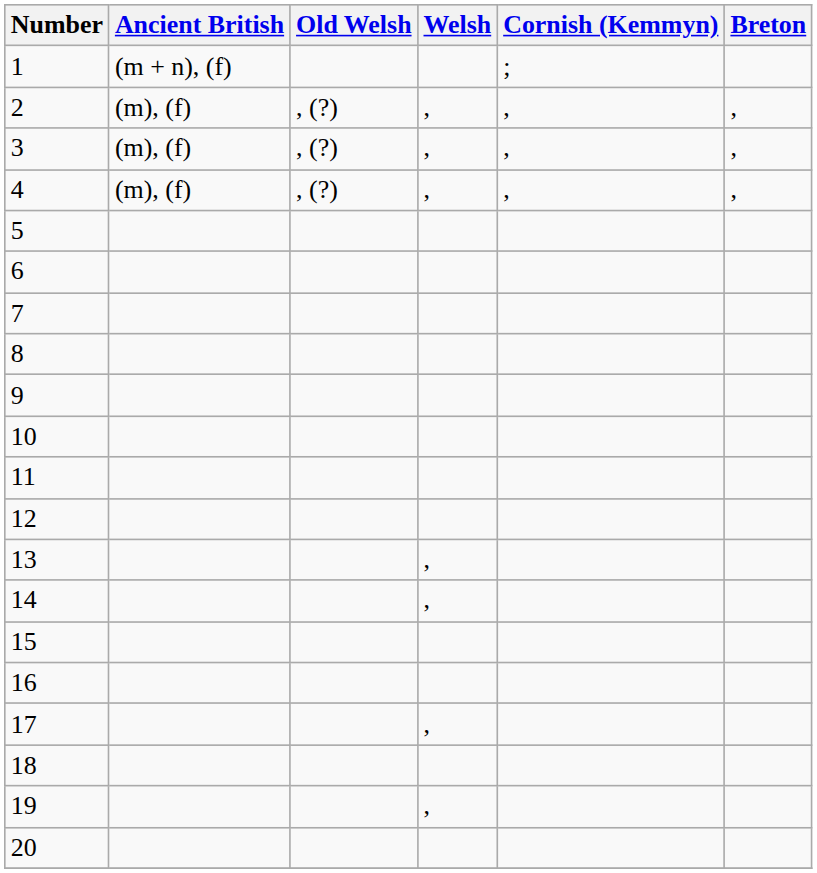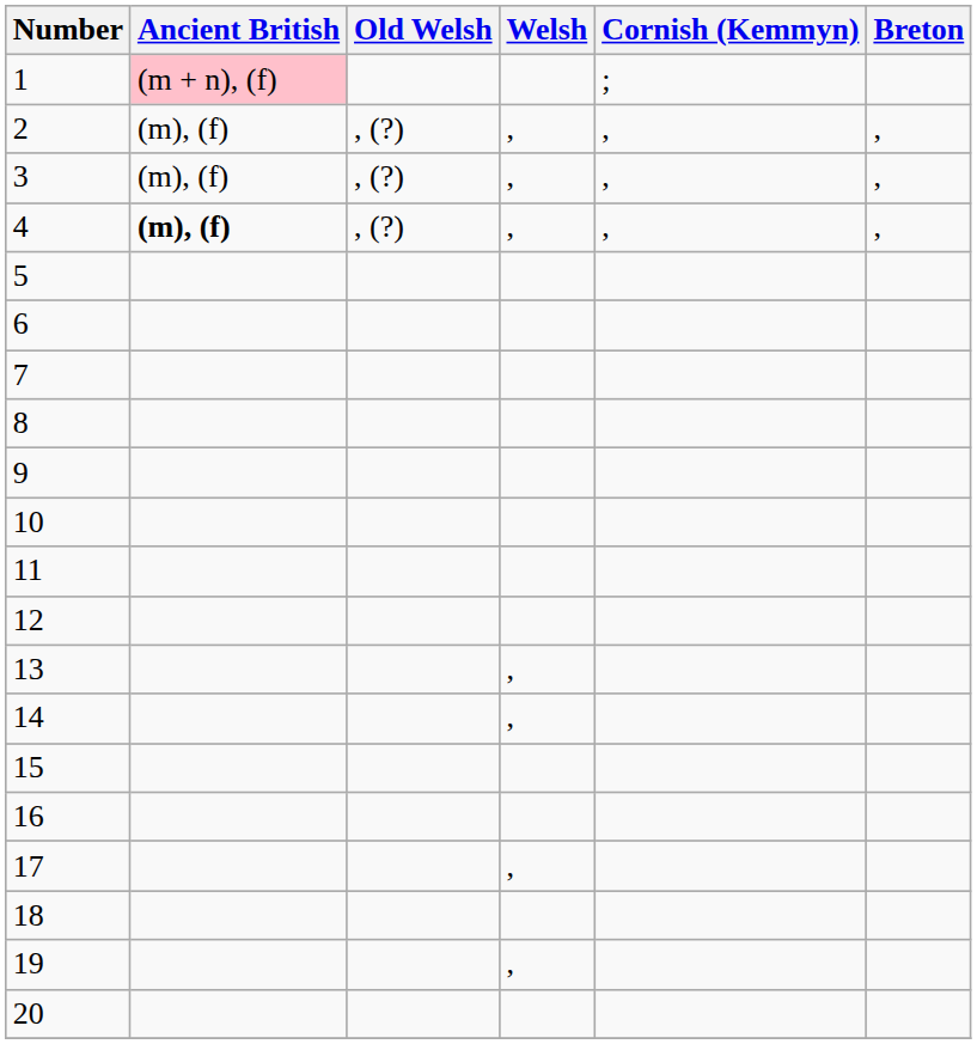 <table class="wikitable">
 <tr>
 <th>Number</th>
 <th><a href='#'>Ancient British</a></th>
 <th><a href='#'>Old Welsh</a></th>
 <th><a href='#'>Welsh</a></th>
 <th><a href='#'>Cornish (Kemmyn)</a></th>
 <th><a href='#'>Breton</a></th>
 </tr>
 <tr>
 <td>1</td>
-<td> (m + n),  (f)</td>
+<td style="background: pink;"> (m + n),  (f)</td>
 <td></td>
 <td></td>
 <td>; </td>
 <td></td>
 </tr>
 <tr>
 <td>2</td>
 <td> (m),  (f)</td>
 <td>, (?)</td>
 <td>, </td>
 <td>, </td>
 <td>, </td>
 </tr>
 <tr>
 <td>3</td>
 <td> (m),  (f)</td>
 <td>, (?)</td>
 <td>, </td>
 <td>, </td>
 <td>, </td>
 </tr>
 <tr>
 <td>4</td>
-<td> (m),  (f)</td>
+<td><strong> (m),  (f)</strong></td>
 <td>, (?)</td>
 <td>, </td>
 <td>, </td>
 <td>, </td>
 </tr>
 <tr>
 <td>5</td>
 <td></td>
 <td></td>
 <td></td>
 <td></td>
 <td></td>
 </tr>
 <tr>
 <td>6</td>
 <td></td>
 <td></td>
 <td></td>
 <td></td>
 <td></td>
 </tr>
 <tr>
 <td>7</td>
 <td></td>
 <td></td>
 <td></td>
 <td></td>
 <td></td>
 </tr>
 <tr>
 <td>8</td>
 <td></td>
 <td></td>
 <td></td>
 <td></td>
 <td></td>
 </tr>
 <tr>
 <td>9</td>
 <td></td>
 <td></td>
 <td></td>
 <td></td>
 <td></td>
 </tr>
 <tr>
 <td>10</td>
 <td></td>
 <td></td>
 <td></td>
 <td></td>
 <td></td>
 </tr>
 <tr>
 <td>11</td>
 <td></td>
 <td></td>
 <td></td>
 <td></td>
 <td></td>
 </tr>
 <tr>
 <td>12</td>
 <td></td>
 <td></td>
 <td></td>
 <td></td>
 <td></td>
 </tr>
 <tr>
 <td>13</td>
 <td></td>
 <td></td>
 <td>, </td>
 <td></td>
 <td></td>
 </tr>
 <tr>
 <td>14</td>
 <td></td>
 <td></td>
 <td>, </td>
 <td></td>
 <td></td>
 </tr>
 <tr>
 <td>15</td>
 <td></td>
 <td></td>
 <td></td>
 <td></td>
 <td></td>
 </tr>
 <tr>
 <td>16</td>
 <td></td>
 <td></td>
 <td></td>
 <td></td>
 <td></td>
 </tr>
 <tr>
 <td>17</td>
 <td></td>
 <td></td>
 <td>, </td>
 <td></td>
 <td></td>
 </tr>
 <tr>
 <td>18</td>
 <td></td>
 <td></td>
 <td></td>
 <td></td>
 <td></td>
 </tr>
 <tr>
 <td>19</td>
 <td></td>
 <td></td>
 <td>, </td>
 <td></td>
 <td></td>
 </tr>
 <tr>
 <td>20</td>
 <td></td>
 <td></td>
 <td></td>
 <td></td>
 <td></td>
 </tr>
 <tr>
 </tr>
 </table>
